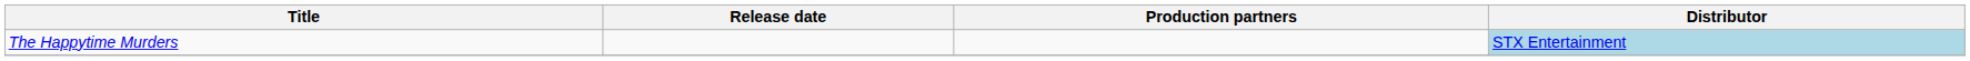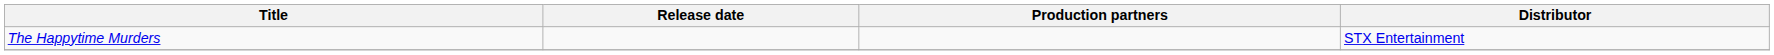 <table class="wikitable plainrowheaders" style="width: 100%;">
 <tr>
 <th scope="col">Title</th>
 <th scope="col">Release date</th>
 <th scope="col">Production partners</th>
 <th scope="col">Distributor</th>
 </tr>
 <tr>
 <td><em><a href='#'>The Happytime Murders</a></em></td>
 <td></td>
 <td></td>
-<td style="background: lightblue;"><a href='#'>STX Entertainment</a></td>
+<td><a href='#'>STX Entertainment</a></td>
 </tr>
 <tr>
 </tr>
 </table>
